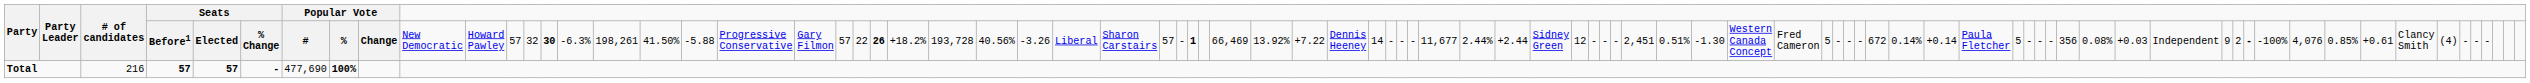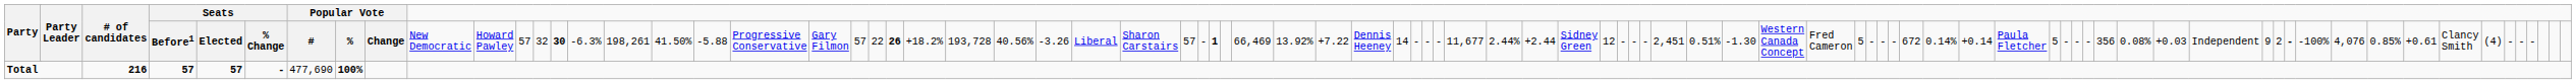 <table class="wikitable">
 <tr>
 <th rowspan="2" colspan="2">Party</th>
 <th rowspan="2">Party Leader</th>
 <th rowspan="2"># of<br>candidates</th>
 <th colspan="3">Seats</th>
 <th colspan="3">Popular Vote</th>
 </tr>
 <tr>
 <th>Before<sup>1</sup></th>
 <th>Elected</th>
 <th>% Change</th>
 <th>#</th>
 <th>%</th>
 <th>Change<br></th>
 <td><a href='#'>New Democratic</a></td>
 <td><a href='#'>Howard Pawley</a></td>
 <td align="right">57</td>
 <td align="right">32</td>
 <td align="right"><strong>30</strong></td>
 <td align="right">-6.3%</td>
 <td align="right">198,261</td>
 <td align="right">41.50%</td>
 <td align="right">-5.88<br></td>
 <td><a href='#'>Progressive Conservative</a></td>
 <td><a href='#'>Gary Filmon</a></td>
 <td align="right">57</td>
 <td align="right">22</td>
 <td align="right"><strong>26</strong></td>
 <td align="right">+18.2%</td>
 <td align="right">193,728</td>
 <td align="right">40.56%</td>
 <td align="right">-3.26<br></td>
 <td><a href='#'>Liberal</a></td>
 <td><a href='#'>Sharon Carstairs</a></td>
 <td align="right">57</td>
 <td align="right">-</td>
 <td align="right"><strong>1</strong></td>
 <td align="right"> </td>
 <td align="right">66,469</td>
 <td align="right">13.92%</td>
 <td align="right">+7.22<br></td>
 <td><a href='#'>Dennis Heeney</a></td>
 <td align="right">14</td>
 <td align="right">-</td>
 <td align="right">-</td>
 <td align="right">-</td>
 <td align="right">11,677</td>
 <td align="right">2.44%</td>
 <td align="right">+2.44<br></td>
 <td><a href='#'>Sidney Green</a></td>
 <td align="right">12</td>
 <td align="right">-</td>
 <td align="right">-</td>
 <td align="right">-</td>
 <td align="right">2,451</td>
 <td align="right">0.51%</td>
 <td align="right">-1.30<br></td>
 <td><a href='#'>Western Canada Concept</a></td>
 <td>Fred Cameron</td>
 <td align="right">5</td>
 <td align="right">-</td>
 <td align="right">-</td>
 <td align="right">-</td>
 <td align="right">672</td>
 <td align="right">0.14%</td>
 <td align="right">+0.14<br></td>
 <td><a href='#'>Paula Fletcher</a></td>
 <td align="right">5</td>
 <td align="right">-</td>
 <td align="right">-</td>
 <td align="right">-</td>
 <td align="right">356</td>
 <td align="right">0.08%</td>
 <td align="right">+0.03<br></td>
 <td colspan="2">Independent</td>
 <td align="right">9</td>
 <td align="right">2</td>
 <td align="right"><strong>-</strong></td>
 <td align="right">-100%</td>
 <td align="right">4,076</td>
 <td align="right">0.85%</td>
 <td align="right">+0.61<br></td>
 <td>Clancy Smith</td>
 <td align="right">(4)</td>
 <td align="right">-</td>
 <td align="right">-</td>
 <td align="right">-</td>
 <td align="right"> </td>
 <td align="right"> </td>
 <td align="right"> </td>
 </tr>
 <tr>
 <td colspan="3"><strong>Total</strong></td>
-<td align="right">216</td>
+<td align="right"><strong>216</strong></td>
 <td align="right"><strong>57</strong></td>
 <td align="right"><strong>57</strong></td>
 <td align="right"><strong>-</strong></td>
 <td align="right">477,690</td>
 <td align="right"><strong>100%</strong></td>
 <td align="right"> </td>
 </tr>
 </table>
